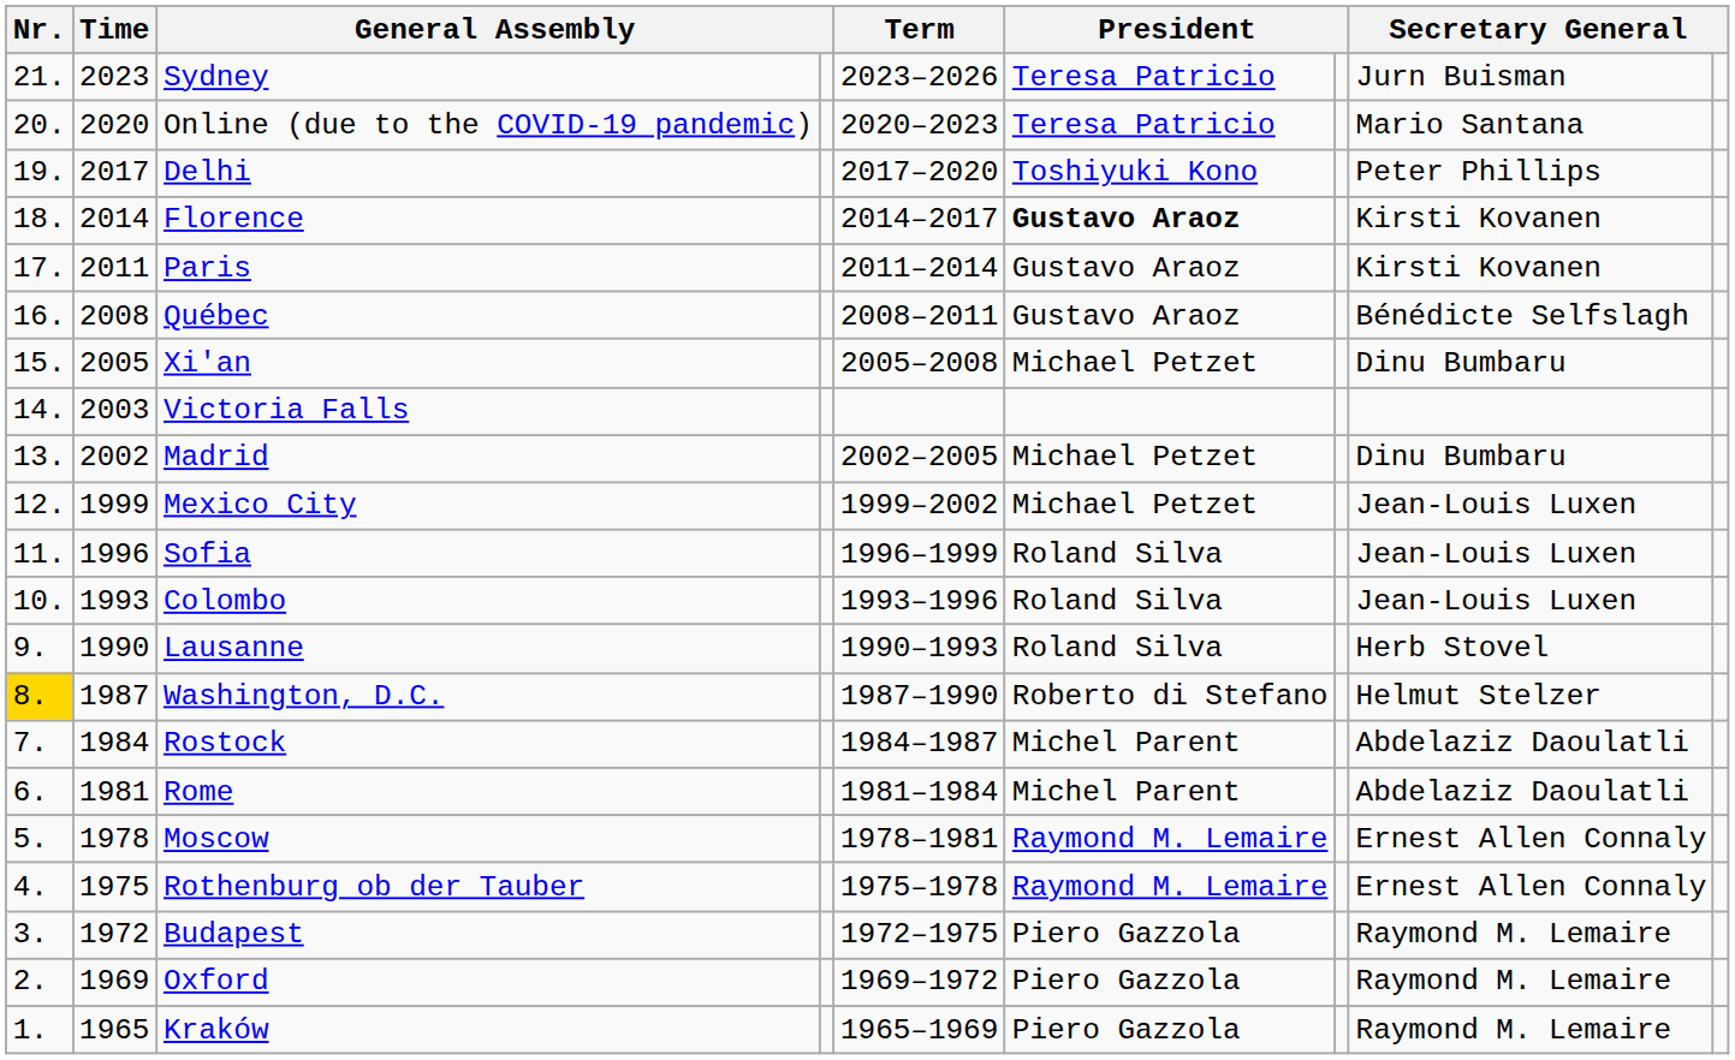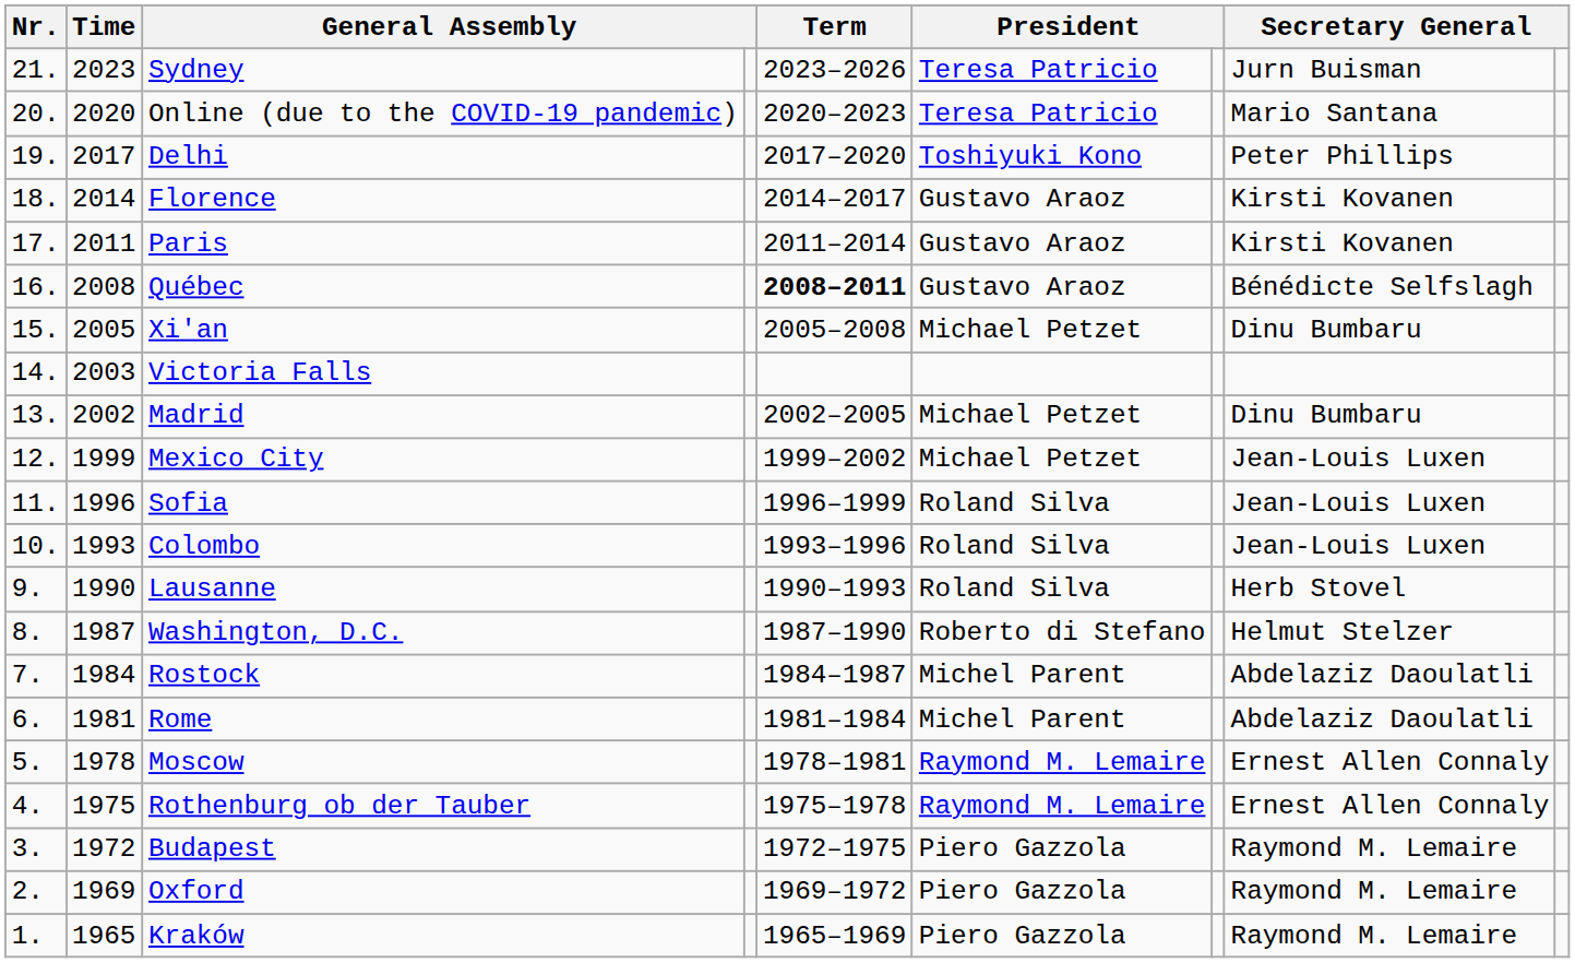 <table class="wikitable">
 <tr>
 <th>Nr.</th>
 <th>Time</th>
 <th colspan="2">General Assembly</th>
 <th>Term</th>
 <th colspan="2">President</th>
 <th colspan="2">Secretary General</th>
 </tr>
 <tr>
 <td>21.</td>
 <td>2023</td>
 <td><a href='#'>Sydney</a></td>
 <td></td>
 <td>2023–2026</td>
 <td><a href='#'>Teresa Patricio</a></td>
 <td></td>
 <td>Jurn Buisman</td>
 <td></td>
 </tr>
 <tr>
 <td>20.</td>
 <td>2020</td>
 <td>Online (due to the <a href='#'>COVID-19 pandemic</a>)</td>
 <td></td>
 <td>2020–2023</td>
 <td><a href='#'>Teresa Patricio</a></td>
 <td></td>
 <td>Mario Santana</td>
 <td></td>
 </tr>
 <tr>
 <td>19.</td>
 <td>2017</td>
 <td><a href='#'>Delhi</a></td>
 <td></td>
 <td>2017–2020</td>
 <td><a href='#'>Toshiyuki Kono</a></td>
 <td></td>
 <td>Peter Phillips</td>
 <td></td>
 </tr>
 <tr>
 <td>18.</td>
 <td>2014</td>
 <td><a href='#'>Florence</a></td>
 <td></td>
 <td>2014–2017</td>
-<td><strong>Gustavo Araoz</strong></td>
+<td>Gustavo Araoz</td>
 <td></td>
 <td>Kirsti Kovanen</td>
 <td></td>
 </tr>
 <tr>
 <td>17.</td>
 <td>2011</td>
 <td><a href='#'>Paris</a></td>
 <td></td>
 <td>2011–2014</td>
 <td>Gustavo Araoz</td>
 <td></td>
 <td>Kirsti Kovanen</td>
 <td></td>
 </tr>
 <tr>
 <td>16.</td>
 <td>2008</td>
 <td><a href='#'>Québec</a></td>
 <td></td>
-<td>2008–2011</td>
+<td><strong>2008–2011</strong></td>
 <td>Gustavo Araoz</td>
 <td></td>
 <td>Bénédicte Selfslagh</td>
 <td></td>
 </tr>
 <tr>
 <td>15.</td>
 <td>2005</td>
 <td><a href='#'>Xi'an</a></td>
 <td></td>
 <td>2005–2008</td>
 <td>Michael Petzet</td>
 <td></td>
 <td>Dinu Bumbaru</td>
 <td></td>
 </tr>
 <tr>
 <td>14.</td>
 <td>2003</td>
 <td><a href='#'>Victoria Falls</a></td>
 <td></td>
 <td></td>
 <td></td>
 <td></td>
 <td></td>
 <td></td>
 </tr>
 <tr>
 <td>13.</td>
 <td>2002</td>
 <td><a href='#'>Madrid</a></td>
 <td></td>
 <td>2002–2005</td>
 <td>Michael Petzet</td>
 <td></td>
 <td>Dinu Bumbaru</td>
 <td></td>
 </tr>
 <tr>
 <td>12.</td>
 <td>1999</td>
 <td><a href='#'>Mexico City</a></td>
 <td></td>
 <td>1999–2002</td>
 <td>Michael Petzet</td>
 <td></td>
 <td>Jean-Louis Luxen</td>
 <td></td>
 </tr>
 <tr>
 <td>11.</td>
 <td>1996</td>
 <td><a href='#'>Sofia</a></td>
 <td></td>
 <td>1996–1999</td>
 <td>Roland Silva</td>
 <td></td>
 <td>Jean-Louis Luxen</td>
 <td></td>
 </tr>
 <tr>
 <td>10.</td>
 <td>1993</td>
 <td><a href='#'>Colombo</a></td>
 <td></td>
 <td>1993–1996</td>
 <td>Roland Silva</td>
 <td></td>
 <td>Jean-Louis Luxen</td>
 <td></td>
 </tr>
 <tr>
 <td>9.</td>
 <td>1990</td>
 <td><a href='#'>Lausanne</a></td>
 <td></td>
 <td>1990–1993</td>
 <td>Roland Silva</td>
 <td></td>
 <td>Herb Stovel</td>
 <td></td>
 </tr>
 <tr>
-<td style="background: gold;">8.</td>
+<td>8.</td>
 <td>1987</td>
 <td><a href='#'>Washington, D.C.</a></td>
 <td></td>
 <td>1987–1990</td>
 <td>Roberto di Stefano</td>
 <td></td>
 <td>Helmut Stelzer</td>
 <td></td>
 </tr>
 <tr>
 <td>7.</td>
 <td>1984</td>
 <td><a href='#'>Rostock</a></td>
 <td></td>
 <td>1984–1987</td>
 <td>Michel Parent</td>
 <td></td>
 <td>Abdelaziz Daoulatli</td>
 <td></td>
 </tr>
 <tr>
 <td>6.</td>
 <td>1981</td>
 <td><a href='#'>Rome</a></td>
 <td></td>
 <td>1981–1984</td>
 <td>Michel Parent</td>
 <td></td>
 <td>Abdelaziz Daoulatli</td>
 <td></td>
 </tr>
 <tr>
 <td>5.</td>
 <td>1978</td>
 <td><a href='#'>Moscow</a></td>
 <td></td>
 <td>1978–1981</td>
 <td><a href='#'>Raymond M. Lemaire</a></td>
 <td></td>
 <td>Ernest Allen Connaly</td>
 <td></td>
 </tr>
 <tr>
 <td>4.</td>
 <td>1975</td>
 <td><a href='#'>Rothenburg ob der Tauber</a></td>
 <td></td>
 <td>1975–1978</td>
 <td><a href='#'>Raymond M. Lemaire</a></td>
 <td></td>
 <td>Ernest Allen Connaly</td>
 <td></td>
 </tr>
 <tr>
 <td>3.</td>
 <td>1972</td>
 <td><a href='#'>Budapest</a></td>
 <td></td>
 <td>1972–1975</td>
 <td>Piero Gazzola</td>
 <td></td>
 <td>Raymond M. Lemaire</td>
 <td></td>
 </tr>
 <tr>
 <td>2.</td>
 <td>1969</td>
 <td><a href='#'>Oxford</a></td>
 <td></td>
 <td>1969–1972</td>
 <td>Piero Gazzola</td>
 <td></td>
 <td>Raymond M. Lemaire</td>
 <td></td>
 </tr>
 <tr>
 <td>1.</td>
 <td>1965</td>
 <td><a href='#'>Kraków</a></td>
 <td></td>
 <td>1965–1969</td>
 <td>Piero Gazzola</td>
 <td></td>
 <td>Raymond M. Lemaire</td>
 <td></td>
 </tr>
 </table>
